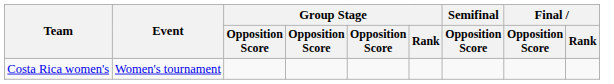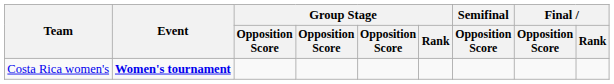 <table class=wikitable style=font-size:90%>
 <tr>
 <th rowspan=2>Team</th>
 <th rowspan=2>Event</th>
 <th colspan=4>Group Stage</th>
 <th>Semifinal</th>
 <th colspan=2>Final / </th>
 </tr>
 <tr style=font-size:95%>
 <th>Opposition<br>Score</th>
 <th>Opposition<br>Score</th>
 <th>Opposition<br>Score</th>
 <th>Rank</th>
 <th>Opposition<br>Score</th>
 <th>Opposition<br>Score</th>
 <th>Rank</th>
 </tr>
 <tr align=center>
 <td align=left><a href='#'>Costa Rica women's</a></td>
-<td align=left><a href='#'>Women's tournament</a></td>
+<td align=left><strong><a href='#'>Women's tournament</a></strong></td>
 <td></td>
 <td></td>
 <td></td>
 <td></td>
 <td></td>
 <td></td>
 <td></td>
 </tr>
 </table>
